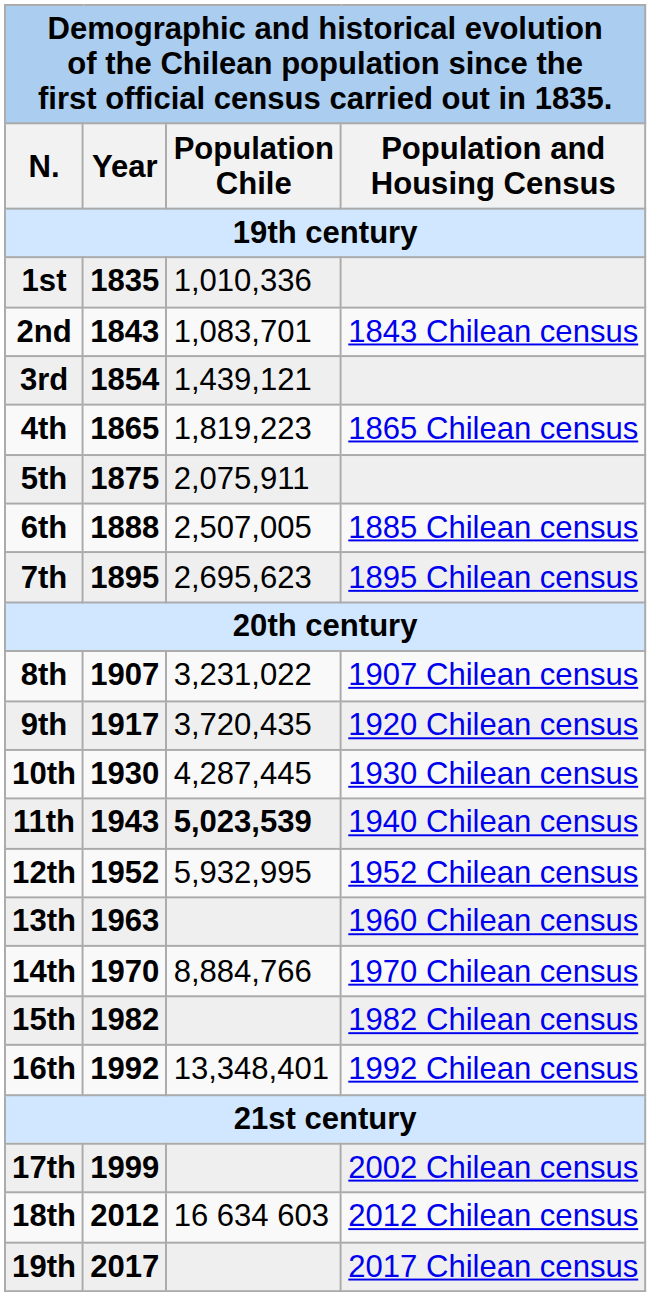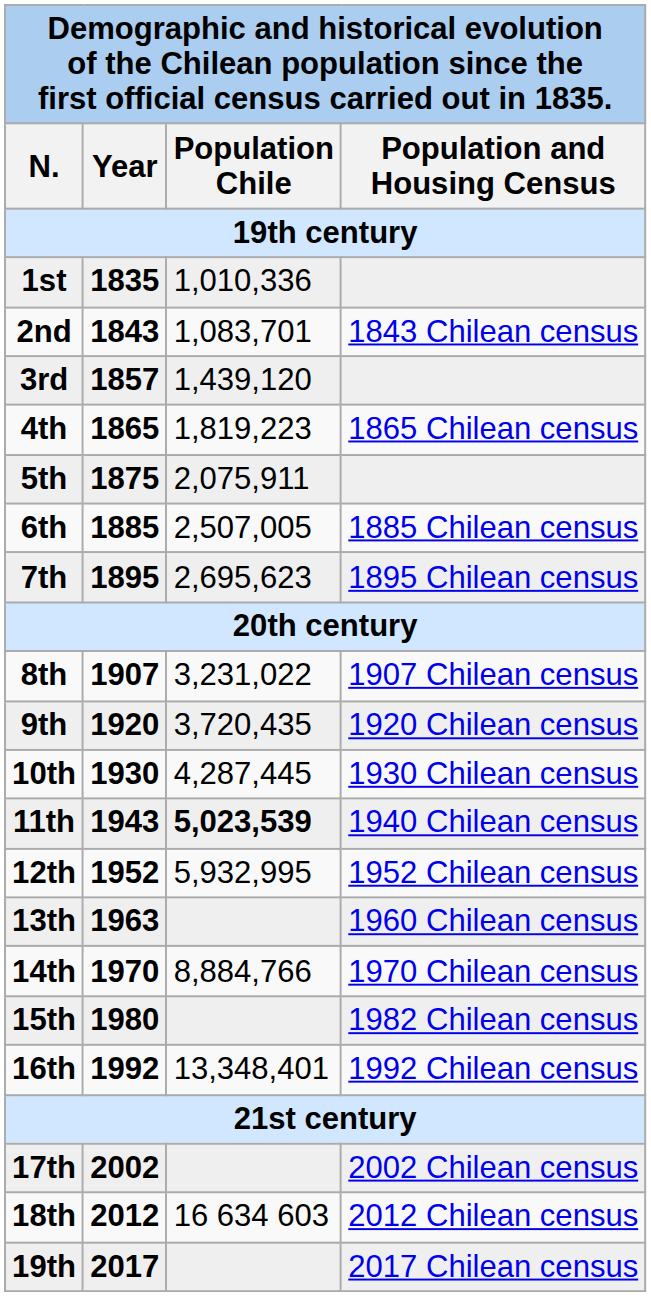 <table class="wikitable">
 <tr>
 <th colspan= "4" style="text-align:center; background:#abcdef;">Demographic and historical evolution <br>of the Chilean population since the <br> first official census carried out in 1835.</th>
 </tr>
 <tr>
 <th>N.</th>
 <th>Year</th>
 <th>Population<br>Chile</th>
 <th>Population and <br> Housing Census</th>
 </tr>
 <tr align="center">
 <td colspan="4" style="background:#D0E7FF"><strong>19th century</strong></td>
 </tr>
 <tr align="center" style="background:#efefef; color:black">
 <td><strong>1st</strong></td>
 <td><strong>1835</strong></td>
 <td align="left"> 1,010,336</td>
 <td></td>
 </tr>
 <tr align="center">
 <td><strong>2nd</strong></td>
 <td><strong>1843</strong></td>
 <td align="left"> 1,083,701</td>
 <td><a href='#'>1843 Chilean census</a></td>
 </tr>
 <tr align="center" style="background:#efefef; color:black">
 <td><strong>3rd</strong></td>
-<td><strong>1854</strong></td>
-<td align="left"> 1,439,121</td>
+<td><strong>1857</strong></td>
+<td align="left"> 1,439,120</td>
 <td></td>
 </tr>
 <tr align="center">
 <td><strong>4th</strong></td>
 <td><strong>1865</strong></td>
 <td align="left"> 1,819,223</td>
 <td><a href='#'>1865 Chilean census</a></td>
 </tr>
 <tr align="center" style="background:#efefef; color:black">
 <td><strong>5th</strong></td>
 <td><strong>1875</strong></td>
 <td align="left"> 2,075,911</td>
 <td></td>
 </tr>
 <tr align="center">
 <td><strong>6th</strong></td>
-<td><strong>1888</strong></td>
+<td><strong>1885</strong></td>
 <td align="left"> 2,507,005</td>
 <td><a href='#'>1885 Chilean census</a></td>
 </tr>
 <tr align="center" style="background:#efefef; color:black">
 <td><strong>7th</strong></td>
 <td><strong>1895</strong></td>
 <td align="left"> 2,695,623</td>
 <td><a href='#'>1895 Chilean census</a></td>
 </tr>
 <tr align="center">
 <td colspan="4" style="background:#D0E7FF"><strong>20th century</strong></td>
 </tr>
 <tr align="center">
 <td><strong>8th</strong></td>
 <td><strong>1907</strong></td>
 <td align="left"> 3,231,022</td>
 <td><a href='#'>1907 Chilean census</a></td>
 </tr>
 <tr align="center" style="background:#efefef; color:black">
 <td><strong>9th</strong></td>
-<td><strong>1917</strong></td>
+<td><strong>1920</strong></td>
 <td align="left"> 3,720,435</td>
 <td><a href='#'>1920 Chilean census</a></td>
 </tr>
 <tr align="center">
 <td><strong>10th</strong></td>
 <td><strong>1930</strong></td>
 <td align="left"> 4,287,445</td>
 <td><a href='#'>1930 Chilean census</a></td>
 </tr>
 <tr align="center" style="background:#efefef; color:black">
 <td><strong>11th</strong></td>
 <td><strong>1943</strong></td>
 <td align="left"><strong> 5,023,539</strong></td>
 <td><a href='#'>1940 Chilean census</a></td>
 </tr>
 <tr align="center">
 <td><strong>12th</strong></td>
 <td><strong>1952</strong></td>
 <td align="left"> 5,932,995</td>
 <td><a href='#'>1952 Chilean census</a></td>
 </tr>
 <tr align="center" style="background:#efefef; color:black">
 <td><strong>13th</strong></td>
 <td><strong>1963</strong></td>
 <td align="left"></td>
 <td><a href='#'>1960 Chilean census</a></td>
 </tr>
 <tr align="center">
 <td><strong>14th</strong></td>
 <td><strong>1970</strong></td>
 <td align="left"> 8,884,766</td>
 <td><a href='#'>1970 Chilean census</a></td>
 </tr>
 <tr align="center" style="background:#efefef; color:black">
 <td><strong>15th</strong></td>
-<td><strong>1982</strong></td>
+<td><strong>1980</strong></td>
 <td align="left"></td>
 <td><a href='#'>1982 Chilean census</a></td>
 </tr>
 <tr align="center">
 <td><strong>16th</strong></td>
 <td><strong>1992</strong></td>
 <td align="left"> 13,348,401</td>
 <td><a href='#'>1992 Chilean census</a></td>
 </tr>
 <tr align="center">
 <td colspan="4" style="background:#D0E7FF"><strong>21st century</strong></td>
 </tr>
 <tr align="center" style="background:#efefef; color:black">
 <td><strong>17th</strong></td>
-<td><strong>1999</strong></td>
+<td><strong>2002</strong></td>
 <td align="left"></td>
 <td><a href='#'>2002 Chilean census</a></td>
 </tr>
 <tr align="center">
 <td><strong>18th</strong></td>
 <td><strong>2012</strong></td>
 <td align="left"> 16 634 603</td>
 <td><a href='#'>2012 Chilean census</a></td>
 </tr>
 <tr align="center" style="background:#efefef; color:black">
 <td><strong>19th</strong></td>
 <td><strong>2017</strong></td>
 <td align="left"></td>
 <td><a href='#'>2017 Chilean census</a></td>
 </tr>
 </table>
